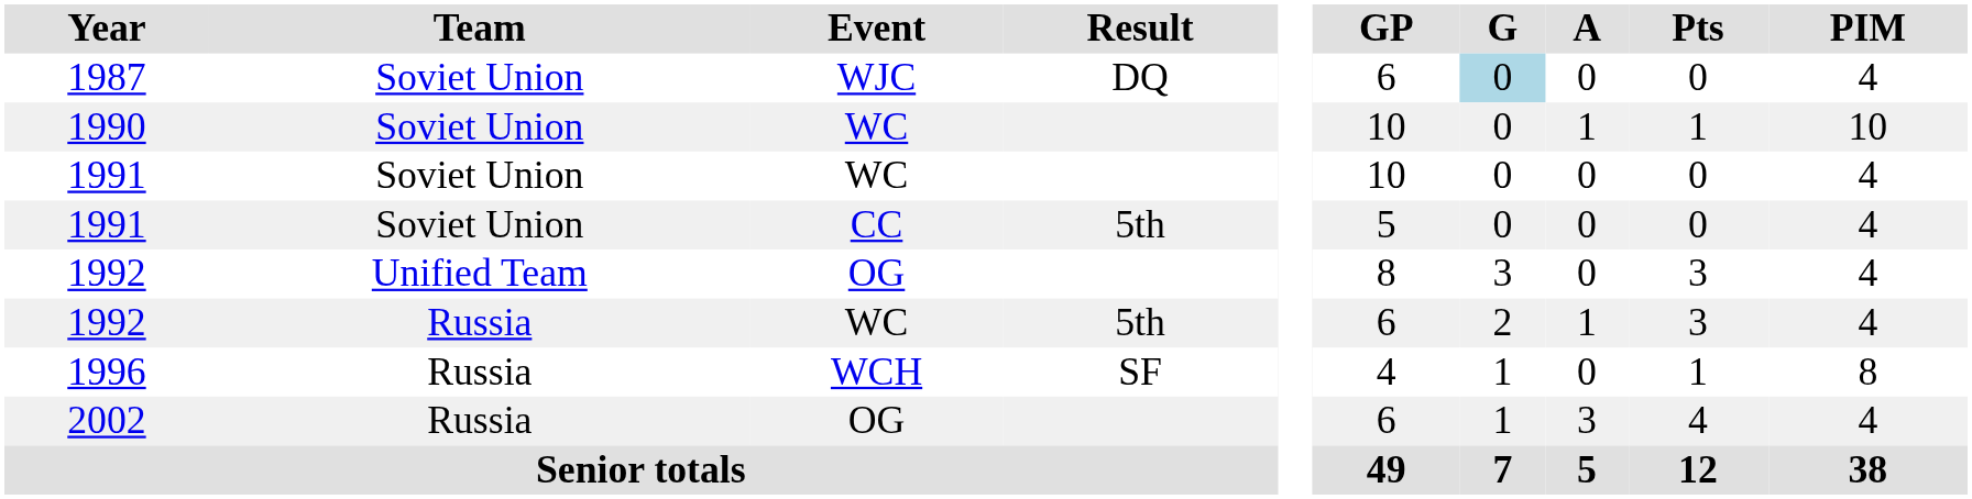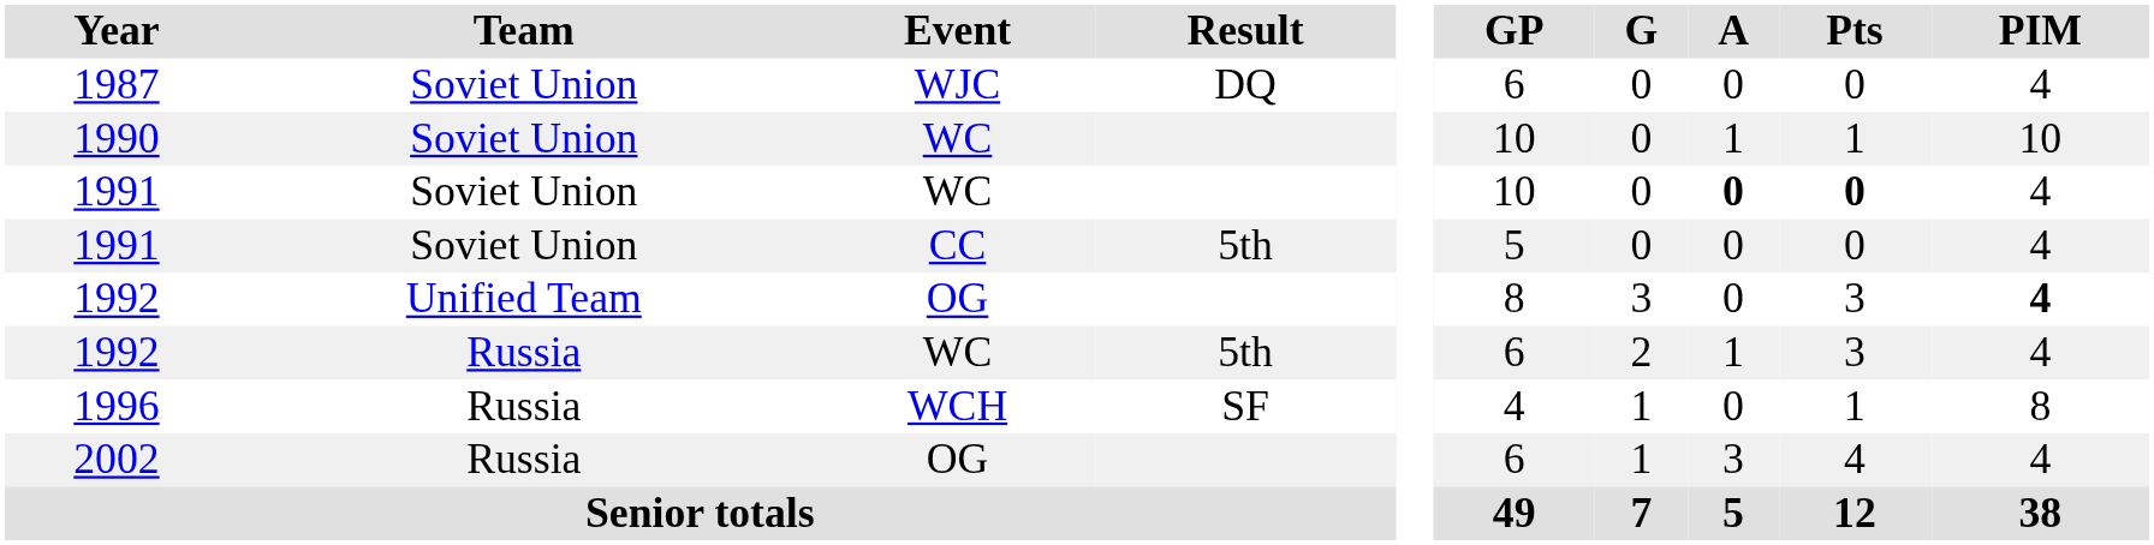 <table border="0" cellpadding="1" cellspacing="0" style="text-align:center; width:50em">
 <tr ALIGN="center" bgcolor="#e0e0e0">
 <th>Year</th>
 <th>Team</th>
 <th>Event</th>
 <th>Result</th>
 <th ALIGN="center" rowspan="99" bgcolor="#ffffff"> </th>
 <th>GP</th>
 <th>G</th>
 <th>A</th>
 <th>Pts</th>
 <th>PIM</th>
 </tr>
 <tr>
 <td><a href='#'>1987</a></td>
 <td><a href='#'>Soviet Union</a></td>
 <td><a href='#'>WJC</a></td>
 <td>DQ</td>
 <td>6</td>
-<td style="background: lightblue;">0</td>
+<td>0</td>
 <td>0</td>
 <td>0</td>
 <td>4</td>
 </tr>
 <tr bgcolor="#f0f0f0">
 <td><a href='#'>1990</a></td>
 <td><a href='#'>Soviet Union</a></td>
 <td><a href='#'>WC</a></td>
 <td></td>
 <td>10</td>
 <td>0</td>
 <td>1</td>
 <td>1</td>
 <td>10</td>
 </tr>
 <tr>
 <td><a href='#'>1991</a></td>
 <td>Soviet Union</td>
 <td>WC</td>
 <td></td>
 <td>10</td>
 <td>0</td>
-<td>0</td>
-<td>0</td>
+<td><strong>0</strong></td>
+<td><strong>0</strong></td>
 <td>4</td>
 </tr>
 <tr bgcolor="#f0f0f0">
 <td><a href='#'>1991</a></td>
 <td>Soviet Union</td>
 <td><a href='#'>CC</a></td>
 <td>5th</td>
 <td>5</td>
 <td>0</td>
 <td>0</td>
 <td>0</td>
 <td>4</td>
 </tr>
 <tr>
 <td><a href='#'>1992</a></td>
 <td><a href='#'>Unified Team</a></td>
 <td><a href='#'>OG</a></td>
 <td></td>
 <td>8</td>
 <td>3</td>
 <td>0</td>
 <td>3</td>
-<td>4</td>
+<td><strong>4</strong></td>
 </tr>
 <tr bgcolor="#f0f0f0">
 <td><a href='#'>1992</a></td>
 <td><a href='#'>Russia</a></td>
 <td>WC</td>
 <td>5th</td>
 <td>6</td>
 <td>2</td>
 <td>1</td>
 <td>3</td>
 <td>4</td>
 </tr>
 <tr>
 <td><a href='#'>1996</a></td>
 <td>Russia</td>
 <td><a href='#'>WCH</a></td>
 <td>SF</td>
 <td>4</td>
 <td>1</td>
 <td>0</td>
 <td>1</td>
 <td>8</td>
 </tr>
 <tr bgcolor="#f0f0f0">
 <td><a href='#'>2002</a></td>
 <td>Russia</td>
 <td>OG</td>
 <td></td>
 <td>6</td>
 <td>1</td>
 <td>3</td>
 <td>4</td>
 <td>4</td>
 </tr>
 <tr bgcolor="#e0e0e0">
 <th colspan=4>Senior totals</th>
 <th>49</th>
 <th>7</th>
 <th>5</th>
 <th>12</th>
 <th>38</th>
 </tr>
 </table>
